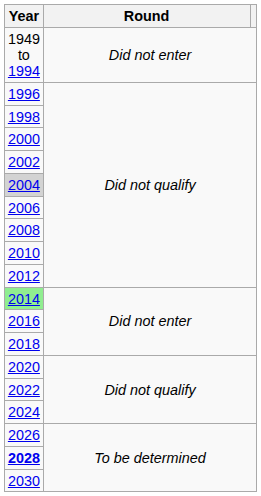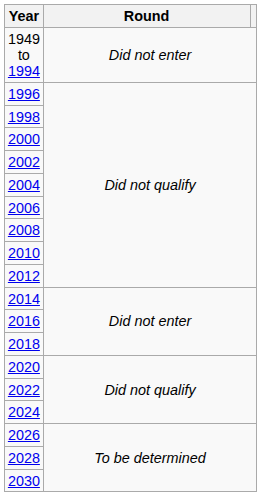 <table class="wikitable" style="text-align: center; font-size:90%">
 <tr>
 <th>Year</th>
 <th style="width:200px">Round</th>
 <th></th>
 </tr>
 <tr>
 <td>1949<br>to<br><a href='#'>1994</a></td>
 <td colspan="2"><em>Did not enter</em></td>
 </tr>
 <tr>
 <td><a href='#'>1996</a></td>
 <td colspan="2" rowspan="9"><em>Did not qualify</em></td>
 </tr>
 <tr>
 <td><a href='#'>1998</a></td>
 </tr>
 <tr>
 <td><a href='#'>2000</a></td>
 </tr>
 <tr>
 <td><a href='#'>2002</a></td>
 </tr>
 <tr>
-<td style="background: lightgrey;"><a href='#'>2004</a></td>
+<td><a href='#'>2004</a></td>
 </tr>
 <tr>
 <td><a href='#'>2006</a></td>
 </tr>
 <tr>
 <td><a href='#'>2008</a></td>
 </tr>
 <tr>
 <td><a href='#'>2010</a></td>
 </tr>
 <tr>
 <td><a href='#'>2012</a></td>
 </tr>
 <tr>
-<td style="background: lightgreen;"><a href='#'>2014</a></td>
+<td><a href='#'>2014</a></td>
 <td colspan="2" rowspan="3"><em>Did not enter</em></td>
 </tr>
 <tr>
 <td><a href='#'>2016</a></td>
 </tr>
 <tr>
 <td><a href='#'>2018</a></td>
 </tr>
 <tr>
 <td><a href='#'>2020</a></td>
 <td colspan="2" rowspan="3"><em>Did not qualify</em></td>
 </tr>
 <tr>
 <td><a href='#'>2022</a></td>
 </tr>
 <tr>
 <td><a href='#'>2024</a></td>
 </tr>
 <tr>
 <td><a href='#'>2026</a></td>
 <td colspan="2" rowspan="3"><em>To be determined</em></td>
 </tr>
 <tr>
-<td><strong><a href='#'>2028</a></strong></td>
+<td><a href='#'>2028</a></td>
 </tr>
 <tr>
 <td><a href='#'>2030</a></td>
 </tr>
 </table>
